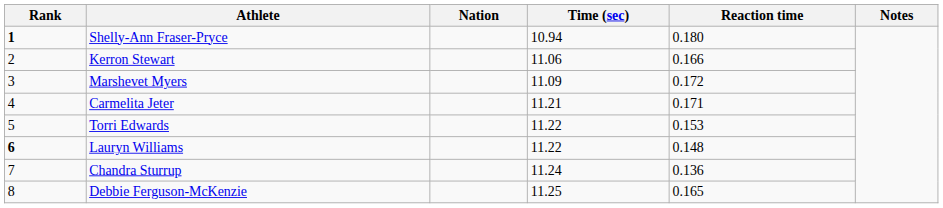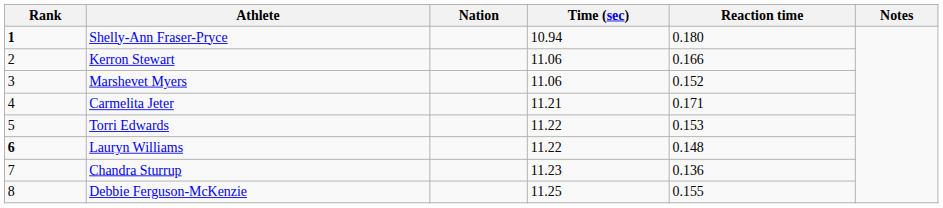 <table class="wikitable" style="text=align:center;" width=85%>
 <tr>
 <th>Rank</th>
 <th>Athlete</th>
 <th>Nation</th>
 <th>Time (<a href='#'>sec</a>)</th>
 <th>Reaction time</th>
 <th>Notes</th>
 </tr>
 <tr>
 <td><strong>1</strong></td>
 <td><a href='#'>Shelly-Ann Fraser-Pryce</a></td>
 <td></td>
 <td>10.94</td>
 <td>0.180</td>
 </tr>
 <tr>
 <td>2</td>
 <td><a href='#'>Kerron Stewart</a></td>
 <td></td>
 <td>11.06</td>
 <td>0.166</td>
 </tr>
 <tr>
 <td>3</td>
 <td><a href='#'>Marshevet Myers</a></td>
 <td></td>
-<td>11.09</td>
-<td>0.172</td>
+<td>11.06</td>
+<td>0.152</td>
 </tr>
 <tr>
 <td>4</td>
 <td><a href='#'>Carmelita Jeter</a></td>
 <td></td>
 <td>11.21</td>
 <td>0.171</td>
 </tr>
 <tr>
 <td>5</td>
 <td><a href='#'>Torri Edwards</a></td>
 <td></td>
 <td>11.22</td>
 <td>0.153</td>
 </tr>
 <tr>
 <td><strong>6</strong></td>
 <td><a href='#'>Lauryn Williams</a></td>
 <td></td>
 <td>11.22</td>
 <td>0.148</td>
 </tr>
 <tr>
 <td>7</td>
 <td><a href='#'>Chandra Sturrup</a></td>
 <td></td>
-<td>11.24</td>
+<td>11.23</td>
 <td>0.136</td>
 </tr>
 <tr>
 <td>8</td>
 <td><a href='#'>Debbie Ferguson-McKenzie</a></td>
 <td></td>
 <td>11.25</td>
-<td>0.165</td>
+<td>0.155</td>
 </tr>
 </table>
